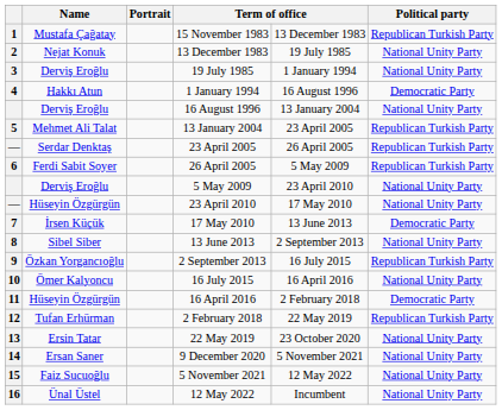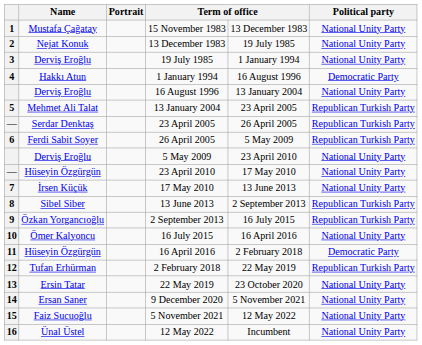 <table class="wikitable" style="text-align:center">
 <tr>
 <th></th>
 <th>Name<br></th>
 <th>Portrait</th>
 <th colspan=2>Term of office</th>
 <th>Political party</th>
 </tr>
 <tr>
 <th style="background:">1</th>
 <td><a href='#'>Mustafa Çağatay</a><br></td>
 <td></td>
 <td>15 November 1983</td>
 <td>13 December 1983</td>
-<td><a href='#'>Republican Turkish Party</a></td>
+<td><a href='#'>National Unity Party</a></td>
 </tr>
 <tr>
 <th style="background:">2</th>
 <td><a href='#'>Nejat Konuk</a><br></td>
 <td></td>
 <td>13 December 1983</td>
 <td>19 July 1985</td>
 <td><a href='#'>National Unity Party</a></td>
 </tr>
 <tr>
 <th style="background:">3</th>
 <td><a href='#'>Derviş Eroğlu</a><br></td>
 <td></td>
 <td>19 July 1985</td>
 <td>1 January 1994</td>
 <td><a href='#'>National Unity Party</a></td>
 </tr>
 <tr>
 <th style="background:">4</th>
 <td><a href='#'>Hakkı Atun</a><br></td>
 <td></td>
 <td>1 January 1994</td>
 <td>16 August 1996</td>
 <td><a href='#'>Democratic Party</a></td>
 </tr>
 <tr>
 <th style="background:"></th>
 <td><a href='#'>Derviş Eroğlu</a><br></td>
 <td></td>
 <td>16 August 1996</td>
 <td>13 January 2004</td>
 <td><a href='#'>National Unity Party</a></td>
 </tr>
 <tr>
 <th style="background:">5</th>
 <td><a href='#'>Mehmet Ali Talat</a><br></td>
 <td></td>
 <td>13 January 2004</td>
 <td>23 April 2005</td>
 <td><a href='#'>Republican Turkish Party</a></td>
 </tr>
 <tr>
 <th style="background:">—</th>
 <td><a href='#'>Serdar Denktaş</a><br></td>
 <td></td>
 <td>23 April 2005</td>
 <td>26 April 2005</td>
 <td><a href='#'>Republican Turkish Party</a></td>
 </tr>
 <tr>
 <th style="background:">6</th>
 <td><a href='#'>Ferdi Sabit Soyer</a><br></td>
 <td></td>
 <td>26 April 2005</td>
 <td>5 May 2009</td>
 <td><a href='#'>Republican Turkish Party</a></td>
 </tr>
 <tr>
 <th style="background:"></th>
 <td><a href='#'>Derviş Eroğlu</a><br></td>
 <td></td>
 <td>5 May 2009</td>
 <td>23 April 2010</td>
 <td><a href='#'>National Unity Party</a></td>
 </tr>
 <tr>
 <th style="background:">—</th>
 <td><a href='#'>Hüseyin Özgürgün</a><br></td>
 <td></td>
 <td>23 April 2010</td>
 <td>17 May 2010</td>
 <td><a href='#'>National Unity Party</a></td>
 </tr>
 <tr>
 <th style="background:">7</th>
 <td><a href='#'>İrsen Küçük</a><br></td>
 <td></td>
 <td>17 May 2010</td>
 <td>13 June 2013</td>
-<td><a href='#'>Democratic Party</a></td>
+<td><a href='#'>National Unity Party</a></td>
 </tr>
 <tr>
 <th style="background:">8</th>
 <td><a href='#'>Sibel Siber</a><br></td>
 <td></td>
 <td>13 June 2013</td>
 <td>2 September 2013</td>
-<td><a href='#'>National Unity Party</a></td>
+<td><a href='#'>Republican Turkish Party</a></td>
 </tr>
 <tr>
 <th style="background:">9</th>
 <td><a href='#'>Özkan Yorgancıoğlu</a><br></td>
 <td></td>
 <td>2 September 2013</td>
 <td>16 July 2015</td>
 <td><a href='#'>Republican Turkish Party</a></td>
 </tr>
 <tr>
 <th style="background:">10</th>
 <td><a href='#'>Ömer Kalyoncu</a><br></td>
 <td></td>
 <td>16 July 2015</td>
 <td>16 April 2016</td>
 <td><a href='#'>National Unity Party</a></td>
 </tr>
 <tr>
 <th style="background:">11</th>
 <td><a href='#'>Hüseyin Özgürgün</a><br></td>
 <td></td>
 <td>16 April 2016</td>
 <td>2 February 2018</td>
 <td><a href='#'>Democratic Party</a></td>
 </tr>
 <tr>
 <th style="background:">12</th>
 <td><a href='#'>Tufan Erhürman</a><br></td>
 <td></td>
 <td>2 February 2018</td>
 <td>22 May 2019</td>
 <td><a href='#'>Republican Turkish Party</a></td>
 </tr>
 <tr>
 <th style="background:">13</th>
 <td><a href='#'>Ersin Tatar</a><br></td>
 <td></td>
 <td>22 May 2019</td>
 <td>23 October 2020</td>
 <td><a href='#'>National Unity Party</a></td>
 </tr>
 <tr>
 <th style="background:">14</th>
 <td><a href='#'>Ersan Saner</a><br></td>
 <td></td>
 <td>9 December 2020</td>
 <td>5 November 2021</td>
 <td><a href='#'>National Unity Party</a></td>
 </tr>
 <tr>
 <th style="background:">15</th>
 <td><a href='#'>Faiz Sucuoğlu</a> <br></td>
 <td></td>
 <td>5 November 2021</td>
 <td>12 May 2022</td>
 <td><a href='#'>National Unity Party</a></td>
 </tr>
 <tr>
 <th style="background:">16</th>
 <td><a href='#'>Ünal Üstel</a> <br></td>
 <td></td>
 <td>12 May 2022</td>
 <td>Incumbent</td>
 <td><a href='#'>National Unity Party</a></td>
 </tr>
 </table>
